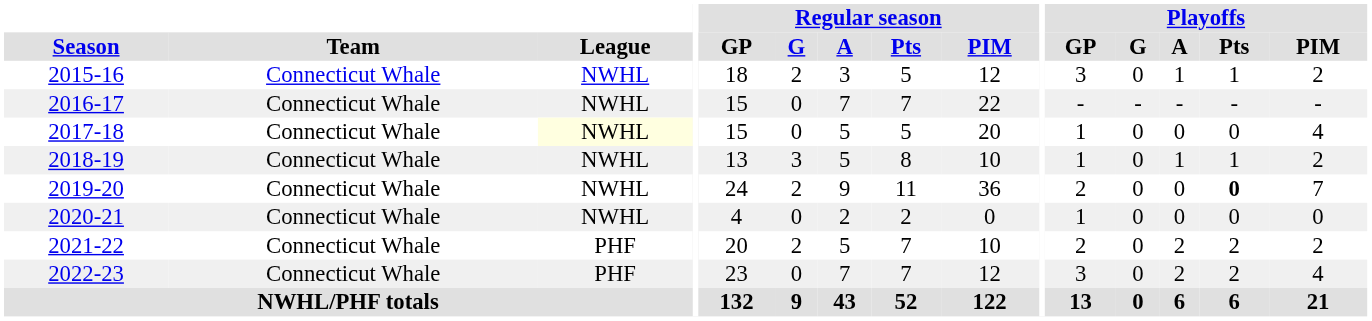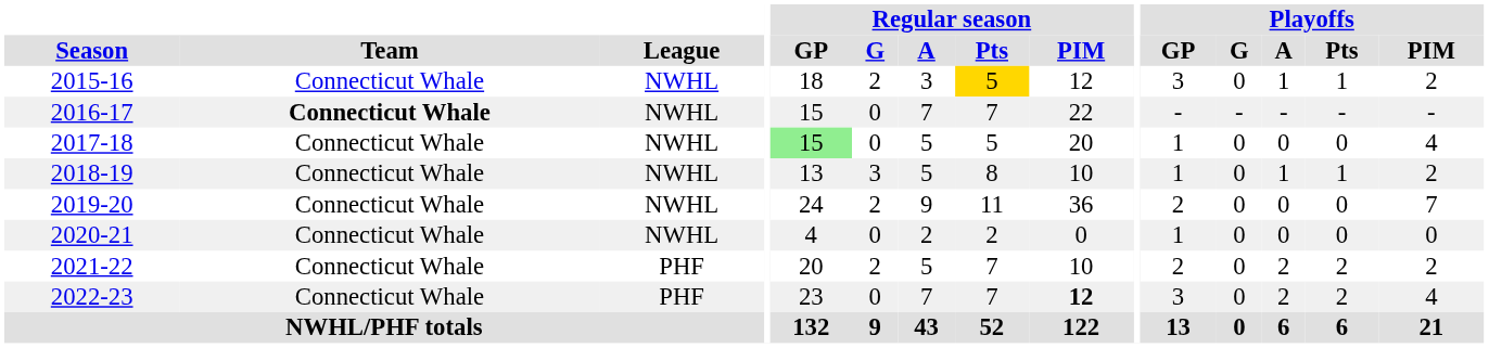 <table border="0" cellpadding="1" cellspacing="0" style="text-align:center; width:60em">
 <tr bgcolor="#e0e0e0">
 <th colspan="3" bgcolor="#ffffff"></th>
 <th rowspan="99" bgcolor="#ffffff"></th>
 <th colspan="5"><a href='#'>Regular season</a></th>
 <th rowspan="99" bgcolor="#ffffff"></th>
 <th colspan="5"><a href='#'>Playoffs</a></th>
 </tr>
 <tr bgcolor="#e0e0e0">
 <th><a href='#'>Season</a></th>
 <th>Team</th>
 <th>League</th>
 <th>GP</th>
 <th><a href='#'>G</a></th>
 <th><a href='#'>A</a></th>
 <th><a href='#'>Pts</a></th>
 <th><a href='#'>PIM</a></th>
 <th>GP</th>
 <th>G</th>
 <th>A</th>
 <th>Pts</th>
 <th>PIM</th>
 </tr>
 <tr>
 <td><a href='#'>2015-16</a></td>
 <td><a href='#'>Connecticut Whale</a></td>
 <td><a href='#'>NWHL</a></td>
 <td>18</td>
 <td>2</td>
 <td>3</td>
-<td>5</td>
+<td style="background: gold;">5</td>
 <td>12</td>
 <td>3</td>
 <td>0</td>
 <td>1</td>
 <td>1</td>
 <td>2</td>
 </tr>
 <tr bgcolor="#f0f0f0">
 <td><a href='#'>2016-17</a></td>
-<td>Connecticut Whale</td>
+<td><strong>Connecticut Whale</strong></td>
 <td>NWHL</td>
 <td>15</td>
 <td>0</td>
 <td>7</td>
 <td>7</td>
 <td>22</td>
 <td>-</td>
 <td>-</td>
 <td>-</td>
 <td>-</td>
 <td>-</td>
 </tr>
 <tr>
 <td><a href='#'>2017-18</a></td>
 <td>Connecticut Whale</td>
-<td style="background: lightyellow;">NWHL</td>
-<td>15</td>
+<td>NWHL</td>
+<td style="background: lightgreen;">15</td>
 <td>0</td>
 <td>5</td>
 <td>5</td>
 <td>20</td>
 <td>1</td>
 <td>0</td>
 <td>0</td>
 <td>0</td>
 <td>4</td>
 </tr>
 <tr bgcolor="#f0f0f0">
 <td><a href='#'>2018-19</a></td>
 <td>Connecticut Whale</td>
 <td>NWHL</td>
 <td>13</td>
 <td>3</td>
 <td>5</td>
 <td>8</td>
 <td>10</td>
 <td>1</td>
 <td>0</td>
 <td>1</td>
 <td>1</td>
 <td>2</td>
 </tr>
 <tr>
 <td><a href='#'>2019-20</a></td>
 <td>Connecticut Whale</td>
 <td>NWHL</td>
 <td>24</td>
 <td>2</td>
 <td>9</td>
 <td>11</td>
 <td>36</td>
 <td>2</td>
 <td>0</td>
 <td>0</td>
-<td><strong>0</strong></td>
+<td>0</td>
 <td>7</td>
 </tr>
 <tr bgcolor="#f0f0f0">
 <td><a href='#'>2020-21</a></td>
 <td>Connecticut Whale</td>
 <td>NWHL</td>
 <td>4</td>
 <td>0</td>
 <td>2</td>
 <td>2</td>
 <td>0</td>
 <td>1</td>
 <td>0</td>
 <td>0</td>
 <td>0</td>
 <td>0</td>
 </tr>
 <tr>
 <td><a href='#'>2021-22</a></td>
 <td>Connecticut Whale</td>
 <td>PHF</td>
 <td>20</td>
 <td>2</td>
 <td>5</td>
 <td>7</td>
 <td>10</td>
 <td>2</td>
 <td>0</td>
 <td>2</td>
 <td>2</td>
 <td>2</td>
 </tr>
 <tr bgcolor="#f0f0f0">
 <td><a href='#'>2022-23</a></td>
 <td>Connecticut Whale</td>
 <td>PHF</td>
 <td>23</td>
 <td>0</td>
 <td>7</td>
 <td>7</td>
-<td>12</td>
+<td><strong>12</strong></td>
 <td>3</td>
 <td>0</td>
 <td>2</td>
 <td>2</td>
 <td>4</td>
 </tr>
 <tr bgcolor="#e0e0e0">
 <th colspan="3">NWHL/PHF totals</th>
 <th>132</th>
 <th>9</th>
 <th>43</th>
 <th>52</th>
 <th>122</th>
 <th>13</th>
 <th>0</th>
 <th>6</th>
 <th>6</th>
 <th>21</th>
 </tr>
 </table>
